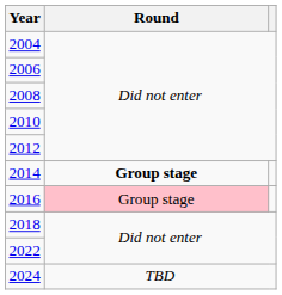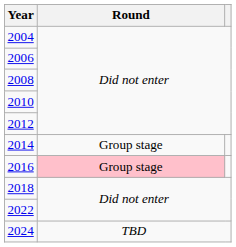 <table class="wikitable" style="text-align: center; font-size:90%">
 <tr>
 <th>Year</th>
 <th style="width:200px">Round</th>
 <th></th>
 </tr>
 <tr>
 <td><a href='#'>2004</a></td>
 <td colspan="2" rowspan="5"><em>Did not enter</em></td>
 </tr>
 <tr>
 <td><a href='#'>2006</a></td>
 </tr>
 <tr>
 <td><a href='#'>2008</a></td>
 </tr>
 <tr>
 <td><a href='#'>2010</a></td>
 </tr>
 <tr>
 <td><a href='#'>2012</a></td>
 </tr>
 <tr>
 <td><a href='#'>2014</a></td>
-<td><strong>Group stage</strong></td>
+<td>Group stage</td>
 <td></td>
 </tr>
 <tr>
 <td><a href='#'>2016</a></td>
 <td style="background: pink;">Group stage</td>
 <td></td>
 </tr>
 <tr>
 <td><a href='#'>2018</a></td>
 <td colspan="2" rowspan="2"><em>Did not enter</em></td>
 </tr>
 <tr>
 <td><a href='#'>2022</a></td>
 </tr>
 <tr>
 <td><a href='#'>2024</a></td>
 <td colspan="2"><em>TBD</em></td>
 </tr>
 </table>
